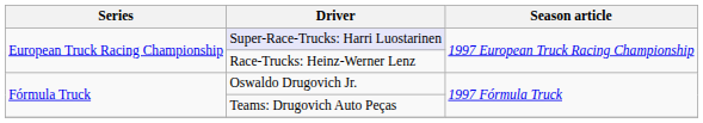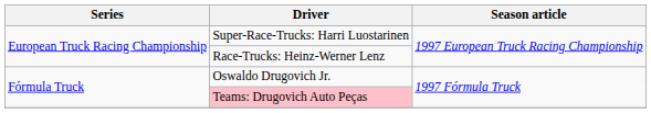 <table class="wikitable" style="font-size: 87%;">
 <tr>
 <th>Series</th>
 <th>Driver</th>
 <th>Season article</th>
 </tr>
 <tr>
 <td rowspan=2><a href='#'>European Truck Racing Championship</a></td>
-<td style="background: lavender;">Super-Race-Trucks:  Harri Luostarinen</td>
+<td>Super-Race-Trucks:  Harri Luostarinen</td>
 <td rowspan=2><em><a href='#'>1997 European Truck Racing Championship</a></em></td>
 </tr>
 <tr>
 <td>Race-Trucks:  Heinz-Werner Lenz</td>
 </tr>
 <tr>
 <td rowspan=2><a href='#'>Fórmula Truck</a></td>
 <td> Oswaldo Drugovich Jr.</td>
 <td rowspan=2><em><a href='#'>1997 Fórmula Truck</a></em></td>
 </tr>
 <tr>
-<td>Teams:  Drugovich Auto Peças</td>
+<td style="background: pink;">Teams:  Drugovich Auto Peças</td>
 </tr>
 <tr>
 </tr>
 </table>
